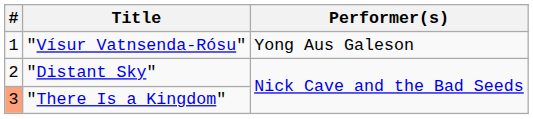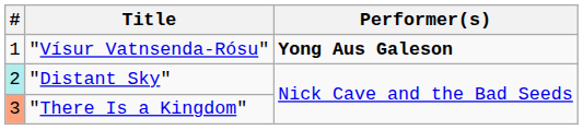 <table class="wikitable">
 <tr>
 <th style="text-align:center;">#</th>
 <th style="text-align:center;">Title</th>
 <th style="text-align:center;">Performer(s)</th>
 </tr>
 <tr>
 <td>1</td>
 <td>"<a href='#'>Vísur Vatnsenda-Rósu</a>"</td>
-<td>Yong Aus Galeson</td>
+<td><strong>Yong Aus Galeson</strong></td>
 </tr>
 <tr>
-<td>2</td>
+<td style="background: paleturquoise;">2</td>
 <td>"<a href='#'>Distant Sky</a>"</td>
 <td rowspan="2"><a href='#'>Nick Cave and the Bad Seeds</a></td>
 </tr>
 <tr>
 <td style="background: lightsalmon;">3</td>
 <td>"<a href='#'>There Is a Kingdom</a>"</td>
 </tr>
 </table>
